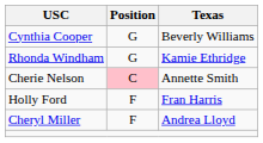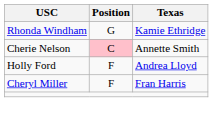 <table class="wikitable">
 <tr>
 <th>USC</th>
 <th>Position</th>
 <th>Texas</th>
-</tr>
-<tr>
-<td><a href='#'>Cynthia Cooper</a></td>
-<td style="text-align:center">G</td>
-<td>Beverly Williams</td>
 </tr>
 <tr>
 <td><a href='#'>Rhonda Windham</a></td>
 <td style="text-align:center">G</td>
 <td><a href='#'>Kamie Ethridge</a></td>
 </tr>
 <tr>
 <td>Cherie Nelson</td>
 <td style="background: pink; text-align:center">C</td>
 <td>Annette Smith</td>
 </tr>
 <tr>
 <td>Holly Ford</td>
 <td style="text-align:center">F</td>
-<td><a href='#'>Fran Harris</a></td>
+<td><a href='#'>Andrea Lloyd</a></td>
 </tr>
 <tr>
 <td><a href='#'>Cheryl Miller</a></td>
 <td style="text-align:center">F</td>
-<td><a href='#'>Andrea Lloyd</a></td>
+<td><a href='#'>Fran Harris</a></td>
 </tr>
 <tr>
 <td style="text-align:center" colspan=3></td>
 </tr>
 </table>
